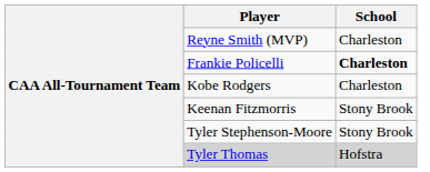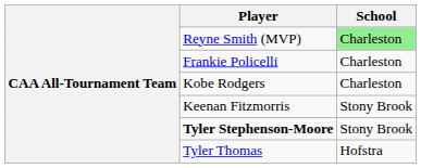 <table class="wikitable">
 <tr>
 <th rowspan="7">CAA All-Tournament Team</th>
 <th>Player</th>
 <th>School</th>
 </tr>
 <tr>
 <td><a href='#'>Reyne Smith</a> (MVP)</td>
-<td>Charleston</td>
+<td style="background: lightgreen;">Charleston</td>
 </tr>
 <tr>
 <td><a href='#'>Frankie Policelli</a></td>
-<td><strong>Charleston</strong></td>
+<td>Charleston</td>
 </tr>
 <tr>
 <td>Kobe Rodgers</td>
 <td>Charleston</td>
 </tr>
 <tr>
 <td>Keenan Fitzmorris</td>
 <td>Stony Brook</td>
 </tr>
 <tr>
-<td>Tyler Stephenson-Moore</td>
+<td><strong>Tyler Stephenson-Moore</strong></td>
 <td>Stony Brook</td>
 </tr>
 <tr>
-<td style="background: lightgrey;"><a href='#'>Tyler Thomas</a></td>
-<td style="background: lightgrey;">Hofstra</td>
+<td><a href='#'>Tyler Thomas</a></td>
+<td>Hofstra</td>
 </tr>
 </table>
